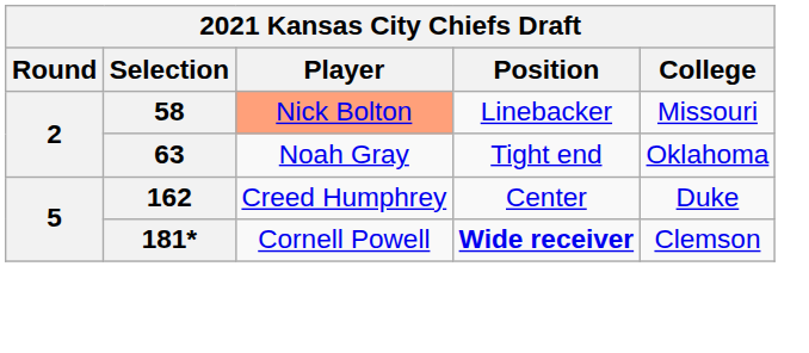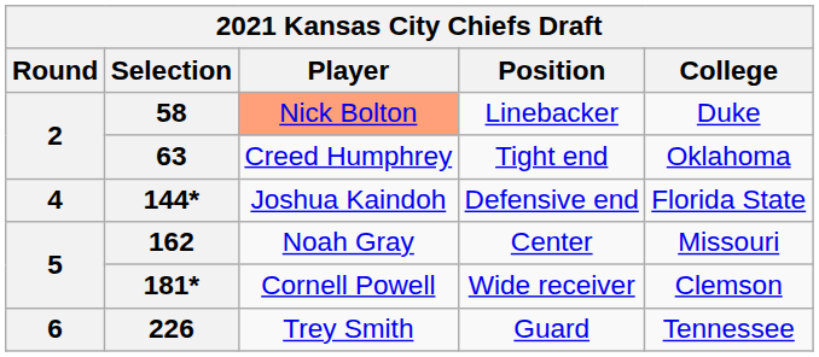 <table class="wikitable" style="text-align:center">
 <tr>
 <th colspan=5>2021 Kansas City Chiefs Draft</th>
 </tr>
 <tr>
 <th>Round</th>
 <th>Selection</th>
 <th>Player</th>
 <th>Position</th>
 <th>College</th>
 </tr>
 <tr>
 <th rowspan=2>2</th>
 <th>58</th>
 <td style="background: lightsalmon;"><a href='#'>Nick Bolton</a></td>
 <td><a href='#'>Linebacker</a></td>
-<td><a href='#'>Missouri</a></td>
+<td><a href='#'>Duke</a></td>
 </tr>
 <tr>
 <th>63</th>
-<td><a href='#'>Noah Gray</a></td>
+<td><a href='#'>Creed Humphrey</a></td>
 <td><a href='#'>Tight end</a></td>
 <td><a href='#'>Oklahoma</a></td>
 </tr>
 <tr>
+<th>4</th>
+<th>144*</th>
+<td><a href='#'>Joshua Kaindoh</a></td>
+<td><a href='#'>Defensive end</a></td>
+<td><a href='#'>Florida State</a></td>
+</tr>
+<tr>
 <th rowspan="2">5</th>
 <th>162</th>
-<td><a href='#'>Creed Humphrey</a></td>
+<td><a href='#'>Noah Gray</a></td>
 <td><a href='#'>Center</a></td>
-<td><a href='#'>Duke</a></td>
+<td><a href='#'>Missouri</a></td>
 </tr>
 <tr>
 <th>181*</th>
 <td><a href='#'>Cornell Powell</a></td>
-<td><strong><a href='#'>Wide receiver</a></strong></td>
+<td><a href='#'>Wide receiver</a></td>
 <td><a href='#'>Clemson</a></td>
 </tr>
+<tr>
+<th>6</th>
+<th>226</th>
+<td><a href='#'>Trey Smith</a></td>
+<td><a href='#'>Guard</a></td>
+<td><a href='#'>Tennessee</a></td>
+</tr>
 </table>
